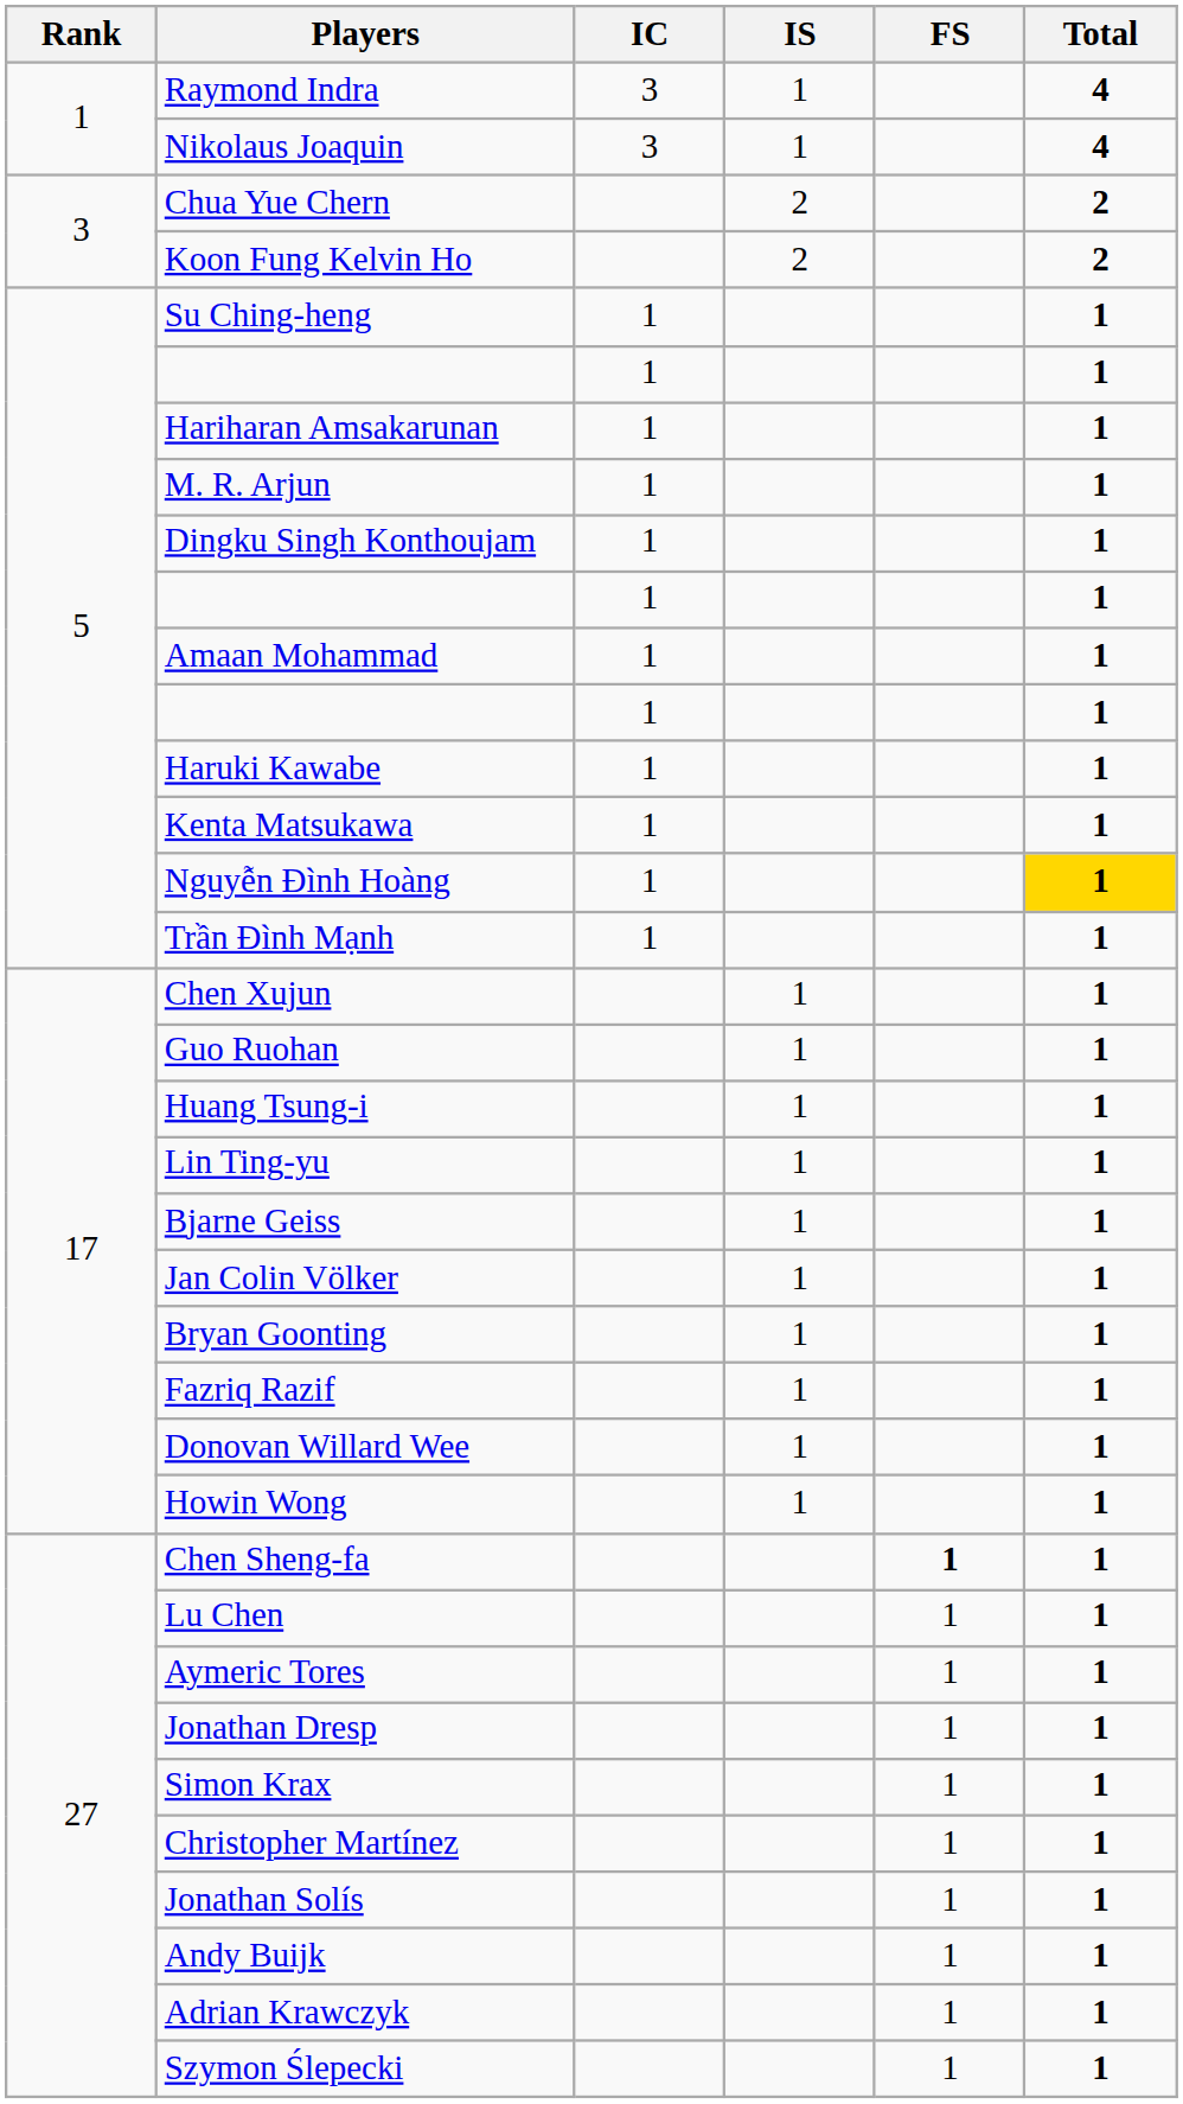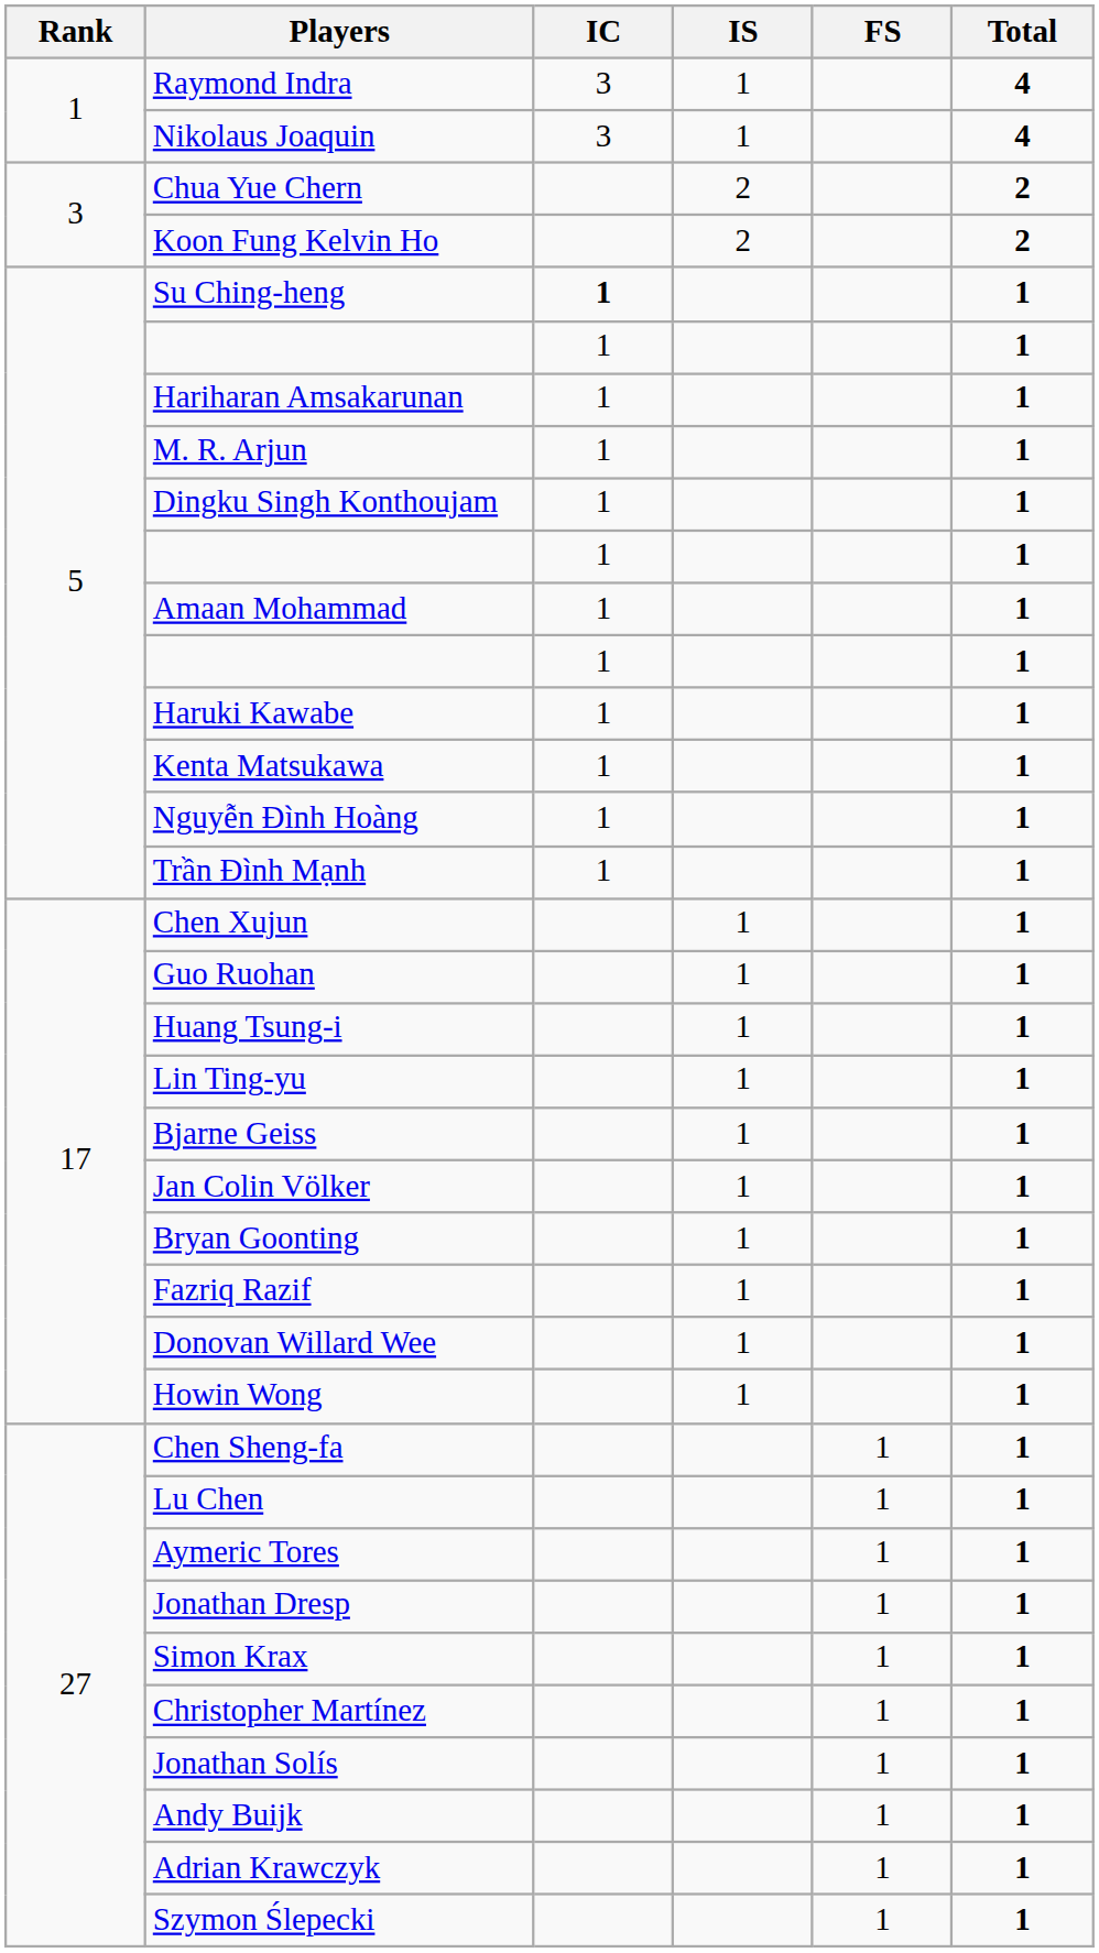 <table class="wikitable" style="font-size:80%; text-align:center">
 <tr>
 <th width="50">Rank</th>
 <th width="150">Players</th>
 <th width="50">IC</th>
 <th width="50">IS</th>
 <th width="50">FS</th>
 <th width="50">Total</th>
 </tr>
 <tr>
 <td rowspan="2">1</td>
 <td align="left"> <a href='#'>Raymond Indra</a></td>
 <td>3</td>
 <td>1</td>
 <td></td>
 <td><strong>4</strong></td>
 </tr>
 <tr>
 <td align="left"> <a href='#'>Nikolaus Joaquin</a></td>
 <td>3</td>
 <td>1</td>
 <td></td>
 <td><strong>4</strong></td>
 </tr>
 <tr>
 <td rowspan="2">3</td>
 <td align="left"> <a href='#'>Chua Yue Chern</a></td>
 <td></td>
 <td>2</td>
 <td></td>
 <td><strong>2</strong></td>
 </tr>
 <tr>
 <td align="left"> <a href='#'>Koon Fung Kelvin Ho</a></td>
 <td></td>
 <td>2</td>
 <td></td>
 <td><strong>2</strong></td>
 </tr>
 <tr>
 <td rowspan="12">5</td>
 <td align="left"> <a href='#'>Su Ching-heng</a></td>
-<td>1</td>
+<td><strong>1</strong></td>
 <td></td>
 <td></td>
 <td><strong>1</strong></td>
 </tr>
 <tr>
 <td align="left"></td>
 <td>1</td>
 <td></td>
 <td></td>
 <td><strong>1</strong></td>
 </tr>
 <tr>
 <td align="left"> <a href='#'>Hariharan Amsakarunan</a></td>
 <td>1</td>
 <td></td>
 <td></td>
 <td><strong>1</strong></td>
 </tr>
 <tr>
 <td align="left"> <a href='#'>M. R. Arjun</a></td>
 <td>1</td>
 <td></td>
 <td></td>
 <td><strong>1</strong></td>
 </tr>
 <tr>
 <td align="left"> <a href='#'>Dingku Singh Konthoujam</a></td>
 <td>1</td>
 <td></td>
 <td></td>
 <td><strong>1</strong></td>
 </tr>
 <tr>
 <td align="left"></td>
 <td>1</td>
 <td></td>
 <td></td>
 <td><strong>1</strong></td>
 </tr>
 <tr>
 <td align="left"> <a href='#'>Amaan Mohammad</a></td>
 <td>1</td>
 <td></td>
 <td></td>
 <td><strong>1</strong></td>
 </tr>
 <tr>
 <td align="left"></td>
 <td>1</td>
 <td></td>
 <td></td>
 <td><strong>1</strong></td>
 </tr>
 <tr>
 <td align="left"> <a href='#'>Haruki Kawabe</a></td>
 <td>1</td>
 <td></td>
 <td></td>
 <td><strong>1</strong></td>
 </tr>
 <tr>
 <td align="left"> <a href='#'>Kenta Matsukawa</a></td>
 <td>1</td>
 <td></td>
 <td></td>
 <td><strong>1</strong></td>
 </tr>
 <tr>
 <td align="left"> <a href='#'>Nguyễn Đình Hoàng</a></td>
 <td>1</td>
 <td></td>
 <td></td>
-<td style="background: gold;"><strong>1</strong></td>
+<td><strong>1</strong></td>
 </tr>
 <tr>
 <td align="left"> <a href='#'>Trần Đình Mạnh</a></td>
 <td>1</td>
 <td></td>
 <td></td>
 <td><strong>1</strong></td>
 </tr>
 <tr>
 <td rowspan="10">17</td>
 <td align="left"> <a href='#'>Chen Xujun</a></td>
 <td></td>
 <td>1</td>
 <td></td>
 <td><strong>1</strong></td>
 </tr>
 <tr>
 <td align="left"> <a href='#'>Guo Ruohan</a></td>
 <td></td>
 <td>1</td>
 <td></td>
 <td><strong>1</strong></td>
 </tr>
 <tr>
 <td align="left"> <a href='#'>Huang Tsung-i</a></td>
 <td></td>
 <td>1</td>
 <td></td>
 <td><strong>1</strong></td>
 </tr>
 <tr>
 <td align="left"> <a href='#'>Lin Ting-yu</a></td>
 <td></td>
 <td>1</td>
 <td></td>
 <td><strong>1</strong></td>
 </tr>
 <tr>
 <td align="left"> <a href='#'>Bjarne Geiss</a></td>
 <td></td>
 <td>1</td>
 <td></td>
 <td><strong>1</strong></td>
 </tr>
 <tr>
 <td align="left"> <a href='#'>Jan Colin Völker</a></td>
 <td></td>
 <td>1</td>
 <td></td>
 <td><strong>1</strong></td>
 </tr>
 <tr>
 <td align="left"> <a href='#'>Bryan Goonting</a></td>
 <td></td>
 <td>1</td>
 <td></td>
 <td><strong>1</strong></td>
 </tr>
 <tr>
 <td align="left"> <a href='#'>Fazriq Razif</a></td>
 <td></td>
 <td>1</td>
 <td></td>
 <td><strong>1</strong></td>
 </tr>
 <tr>
 <td align="left"> <a href='#'>Donovan Willard Wee</a></td>
 <td></td>
 <td>1</td>
 <td></td>
 <td><strong>1</strong></td>
 </tr>
 <tr>
 <td align="left"> <a href='#'>Howin Wong</a></td>
 <td></td>
 <td>1</td>
 <td></td>
 <td><strong>1</strong></td>
 </tr>
 <tr>
 <td rowspan="10">27</td>
 <td align="left"> <a href='#'>Chen Sheng-fa</a></td>
 <td></td>
 <td></td>
-<td><strong>1</strong></td>
+<td>1</td>
 <td><strong>1</strong></td>
 </tr>
 <tr>
 <td align="left"> <a href='#'>Lu Chen</a></td>
 <td></td>
 <td></td>
 <td>1</td>
 <td><strong>1</strong></td>
 </tr>
 <tr>
 <td align="left"> <a href='#'>Aymeric Tores</a></td>
 <td></td>
 <td></td>
 <td>1</td>
 <td><strong>1</strong></td>
 </tr>
 <tr>
 <td align="left"> <a href='#'>Jonathan Dresp</a></td>
 <td></td>
 <td></td>
 <td>1</td>
 <td><strong>1</strong></td>
 </tr>
 <tr>
 <td align="left"> <a href='#'>Simon Krax</a></td>
 <td></td>
 <td></td>
 <td>1</td>
 <td><strong>1</strong></td>
 </tr>
 <tr>
 <td align="left"> <a href='#'>Christopher Martínez</a></td>
 <td></td>
 <td></td>
 <td>1</td>
 <td><strong>1</strong></td>
 </tr>
 <tr>
 <td align="left"> <a href='#'>Jonathan Solís</a></td>
 <td></td>
 <td></td>
 <td>1</td>
 <td><strong>1</strong></td>
 </tr>
 <tr>
 <td align="left"> <a href='#'>Andy Buijk</a></td>
 <td></td>
 <td></td>
 <td>1</td>
 <td><strong>1</strong></td>
 </tr>
 <tr>
 <td align="left"> <a href='#'>Adrian Krawczyk</a></td>
 <td></td>
 <td></td>
 <td>1</td>
 <td><strong>1</strong></td>
 </tr>
 <tr>
 <td align="left"> <a href='#'>Szymon Ślepecki</a></td>
 <td></td>
 <td></td>
 <td>1</td>
 <td><strong>1</strong></td>
 </tr>
 </table>
